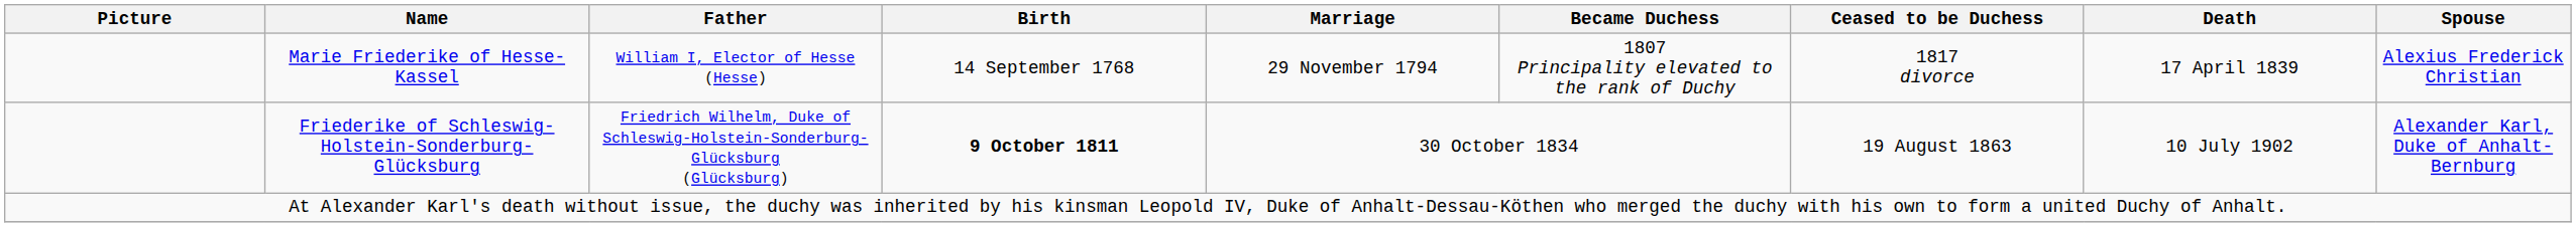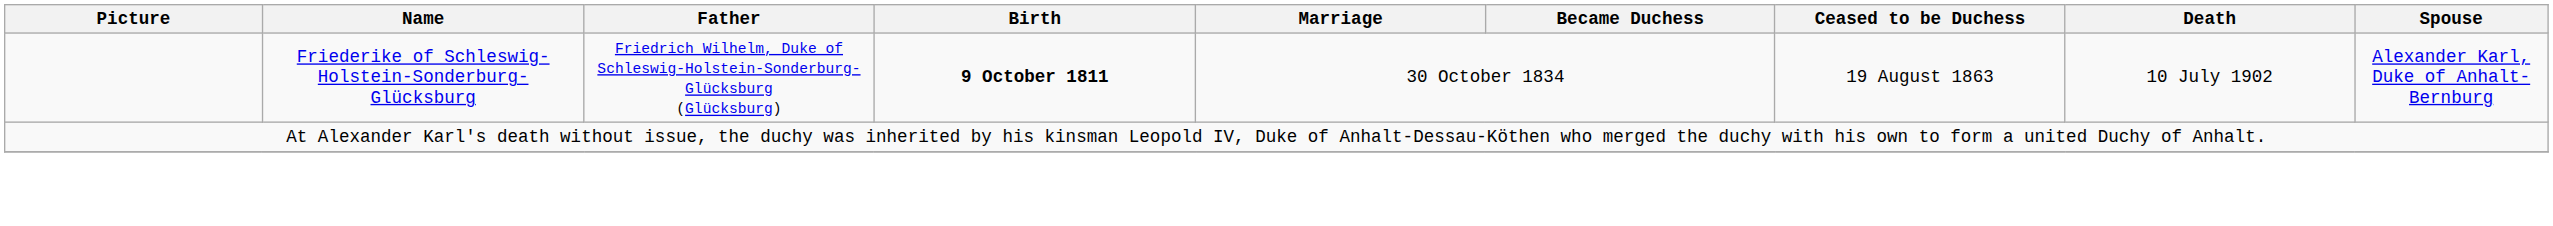 <table width=95% class="wikitable">
 <tr>
 <th width = "8%">Picture</th>
 <th width = "10%">Name</th>
 <th width = "9%">Father</th>
 <th width = "10%">Birth</th>
 <th width = "9%">Marriage</th>
 <th width = "9%">Became Duchess</th>
 <th width = "9%">Ceased to be Duchess</th>
 <th width = "9%">Death</th>
 <th width = "6%">Spouse</th>
-</tr>
-<tr>
-<td align="center"></td>
-<td align="center"><a href='#'>Marie Friederike of Hesse-Kassel</a></td>
-<td align="center"><small><a href='#'>William I, Elector of Hesse</a><br>(<a href='#'>Hesse</a>)</small></td>
-<td align="center">14 September 1768</td>
-<td align="center">29 November 1794</td>
-<td align="center">1807<br><em>Principality elevated to the rank of Duchy</em></td>
-<td align="center">1817<br><em>divorce</em></td>
-<td align="center">17 April 1839</td>
-<td align="center"><a href='#'>Alexius Frederick Christian</a></td>
 </tr>
 <tr>
 <td align="center"></td>
 <td align="center"><a href='#'>Friederike of Schleswig-Holstein-Sonderburg-Glücksburg</a></td>
 <td align="center"><small><a href='#'>Friedrich Wilhelm, Duke of Schleswig-Holstein-Sonderburg-Glücksburg</a><br>(<a href='#'>Glücksburg</a>)</small></td>
 <td align="center"><strong>9 October 1811</strong></td>
 <td align="center" colspan="2">30 October 1834</td>
 <td align="center">19 August 1863</td>
 <td align="center">10 July 1902</td>
 <td align="center"><a href='#'>Alexander Karl, Duke of Anhalt-Bernburg</a></td>
 </tr>
 <tr>
 <td align="center" colspan="9">At Alexander Karl's death without issue, the duchy was inherited by his kinsman Leopold IV, Duke of Anhalt-Dessau-Köthen who merged the duchy with his own to form a united Duchy of Anhalt.</td>
 </tr>
 <tr>
 </tr>
 </table>
